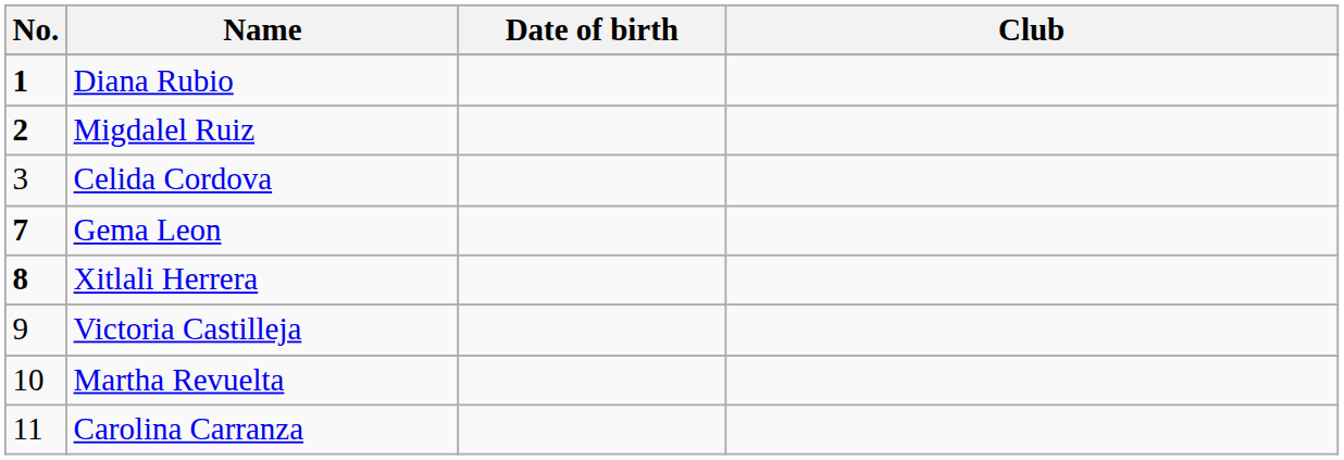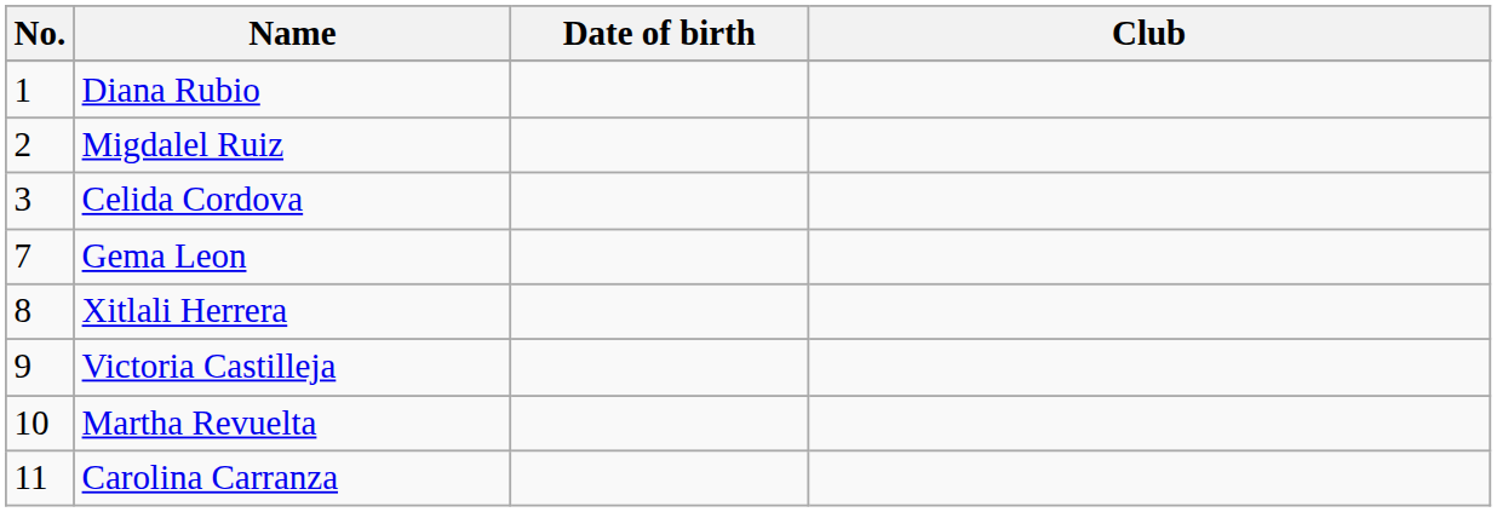 <table class=wikitable sortable style=font-size:100%; text-align:center;>
 <tr>
 <th>No.</th>
 <th style=width:12em>Name</th>
 <th style=width:8em>Date of birth</th>
 <th style=width:19em>Club</th>
 </tr>
 <tr>
 </tr>
 <tr ||>
 </tr>
 <tr>
-<td><strong>1</strong></td>
+<td>1</td>
 <td><a href='#'>Diana Rubio</a></td>
 <td></td>
 <td></td>
 </tr>
 <tr>
-<td><strong>2</strong></td>
+<td>2</td>
 <td><a href='#'>Migdalel Ruiz</a></td>
 <td></td>
 <td></td>
 </tr>
 <tr>
 <td>3</td>
 <td><a href='#'>Celida Cordova</a></td>
 <td></td>
 <td></td>
 </tr>
 <tr>
-<td><strong>7</strong></td>
+<td>7</td>
 <td><a href='#'>Gema Leon</a></td>
 <td></td>
 <td></td>
 </tr>
 <tr>
-<td><strong>8</strong></td>
+<td>8</td>
 <td><a href='#'>Xitlali Herrera</a></td>
 <td></td>
 <td></td>
 </tr>
 <tr>
 <td>9</td>
 <td><a href='#'>Victoria Castilleja</a></td>
 <td></td>
 <td></td>
 </tr>
 <tr>
 <td>10</td>
 <td><a href='#'>Martha Revuelta</a></td>
 <td></td>
 <td></td>
 </tr>
 <tr>
 <td>11</td>
 <td><a href='#'>Carolina Carranza</a></td>
 <td></td>
 <td></td>
 </tr>
 </table>
